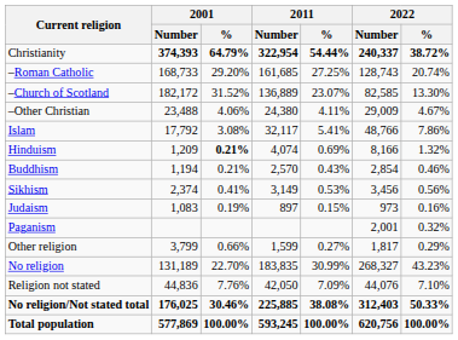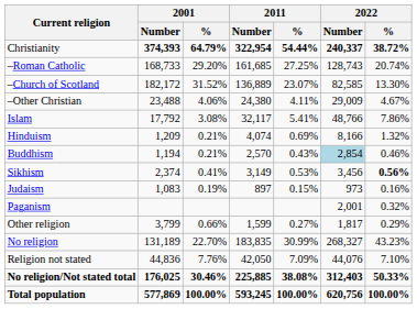 <table class="wikitable sortable">
 <tr>
 <th rowspan="2">Current religion</th>
 <th colspan="2">2001</th>
 <th colspan="2">2011</th>
 <th colspan="2">2022</th>
 </tr>
 <tr>
 <th>Number</th>
 <th>%</th>
 <th>Number</th>
 <th>%</th>
 <th>Number</th>
 <th>%</th>
 </tr>
 <tr>
 <td>Christianity</td>
 <td align=right><strong>374,393</strong></td>
 <td align=right><strong>64.79%</strong></td>
 <td align=right><strong>322,954</strong></td>
 <td align=right><strong>54.44%</strong></td>
 <td align=right><strong>240,337</strong></td>
 <td align=right><strong>38.72%</strong></td>
 </tr>
 <tr>
 <td>–<a href='#'>Roman Catholic</a></td>
 <td align=right>168,733</td>
 <td align=right>29.20%</td>
 <td align=right>161,685</td>
 <td align=right>27.25%</td>
 <td align=right>128,743</td>
 <td align=right>20.74%</td>
 </tr>
 <tr>
 <td>–<a href='#'>Church of Scotland</a></td>
 <td align=right>182,172</td>
 <td align=right>31.52%</td>
 <td align=right>136,889</td>
 <td align=right>23.07%</td>
 <td align=right>82,585</td>
 <td align=right>13.30%</td>
 </tr>
 <tr>
 <td>–Other Christian</td>
 <td align=right>23,488</td>
 <td align=right>4.06%</td>
 <td align=right>24,380</td>
 <td align=right>4.11%</td>
 <td align=right>29,009</td>
 <td align=right>4.67%</td>
 </tr>
 <tr>
 <td><a href='#'>Islam</a></td>
 <td align=right>17,792</td>
 <td align=right>3.08%</td>
 <td align=right>32,117</td>
 <td align=right>5.41%</td>
 <td align=right>48,766</td>
 <td align=right>7.86%</td>
 </tr>
 <tr>
 <td><a href='#'>Hinduism</a></td>
 <td align=right>1,209</td>
-<td align=right><strong>0.21%</strong></td>
+<td align=right>0.21%</td>
 <td align=right>4,074</td>
 <td align=right>0.69%</td>
 <td align=right>8,166</td>
 <td align=right>1.32%</td>
 </tr>
 <tr>
 <td><a href='#'>Buddhism</a></td>
 <td align=right>1,194</td>
 <td align=right>0.21%</td>
 <td align=right>2,570</td>
 <td align=right>0.43%</td>
-<td align=right>2,854</td>
+<td align=right style="background: lightblue;">2,854</td>
 <td align=right>0.46%</td>
 </tr>
 <tr>
 <td><a href='#'>Sikhism</a></td>
 <td align=right>2,374</td>
 <td align=right>0.41%</td>
 <td align=right>3,149</td>
 <td align=right>0.53%</td>
 <td align=right>3,456</td>
-<td align=right>0.56%</td>
+<td align=right><strong>0.56%</strong></td>
 </tr>
 <tr>
 <td><a href='#'>Judaism</a></td>
 <td align=right>1,083</td>
 <td align=right>0.19%</td>
 <td align=right>897</td>
 <td align=right>0.15%</td>
 <td align=right>973</td>
 <td align=right>0.16%</td>
 </tr>
 <tr>
 <td><a href='#'>Paganism</a></td>
 <td></td>
 <td></td>
 <td></td>
 <td></td>
 <td align=right>2,001</td>
 <td align=right>0.32%</td>
 </tr>
 <tr>
 <td>Other religion</td>
 <td align=right>3,799</td>
 <td align=right>0.66%</td>
 <td align=right>1,599</td>
 <td align=right>0.27%</td>
 <td align=right>1,817</td>
 <td align=right>0.29%</td>
 </tr>
 <tr>
 <td><a href='#'>No religion</a></td>
 <td align=right>131,189</td>
 <td align=right>22.70%</td>
 <td align=right>183,835</td>
 <td align=right>30.99%</td>
 <td align=right>268,327</td>
 <td align=right>43.23%</td>
 </tr>
 <tr>
 <td>Religion not stated</td>
 <td align=right>44,836</td>
 <td align=right>7.76%</td>
 <td align=right>42,050</td>
 <td align=right>7.09%</td>
 <td align=right>44,076</td>
 <td align=right>7.10%</td>
 </tr>
 <tr>
 <td><strong>No religion/Not stated total</strong></td>
 <td align=right><strong>176,025</strong></td>
 <td align=right><strong>30.46%</strong></td>
 <td align=right><strong>225,885</strong></td>
 <td align=right><strong>38.08%</strong></td>
 <td align=right><strong>312,403</strong></td>
 <td align=right><strong>50.33%</strong></td>
 </tr>
 <tr>
 <td><strong>Total population</strong></td>
 <td align=right><strong>577,869</strong></td>
 <td align=right><strong>100.00%</strong></td>
 <td align=right><strong>593,245</strong></td>
 <td align=right><strong>100.00%</strong></td>
 <td align=right><strong>620,756</strong></td>
 <td align=right><strong>100.00%</strong></td>
 </tr>
 </table>
